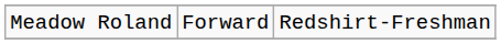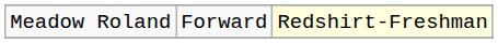 <table class="wikitable">
 <tr align=center>
 </tr>
 <tr>
 <td>Meadow Roland</td>
 <td>Forward</td>
-<td>Redshirt-Freshman</td>
+<td style="background: lightyellow;">Redshirt-Freshman</td>
 </tr>
 <tr>
 </tr>
 </table>
